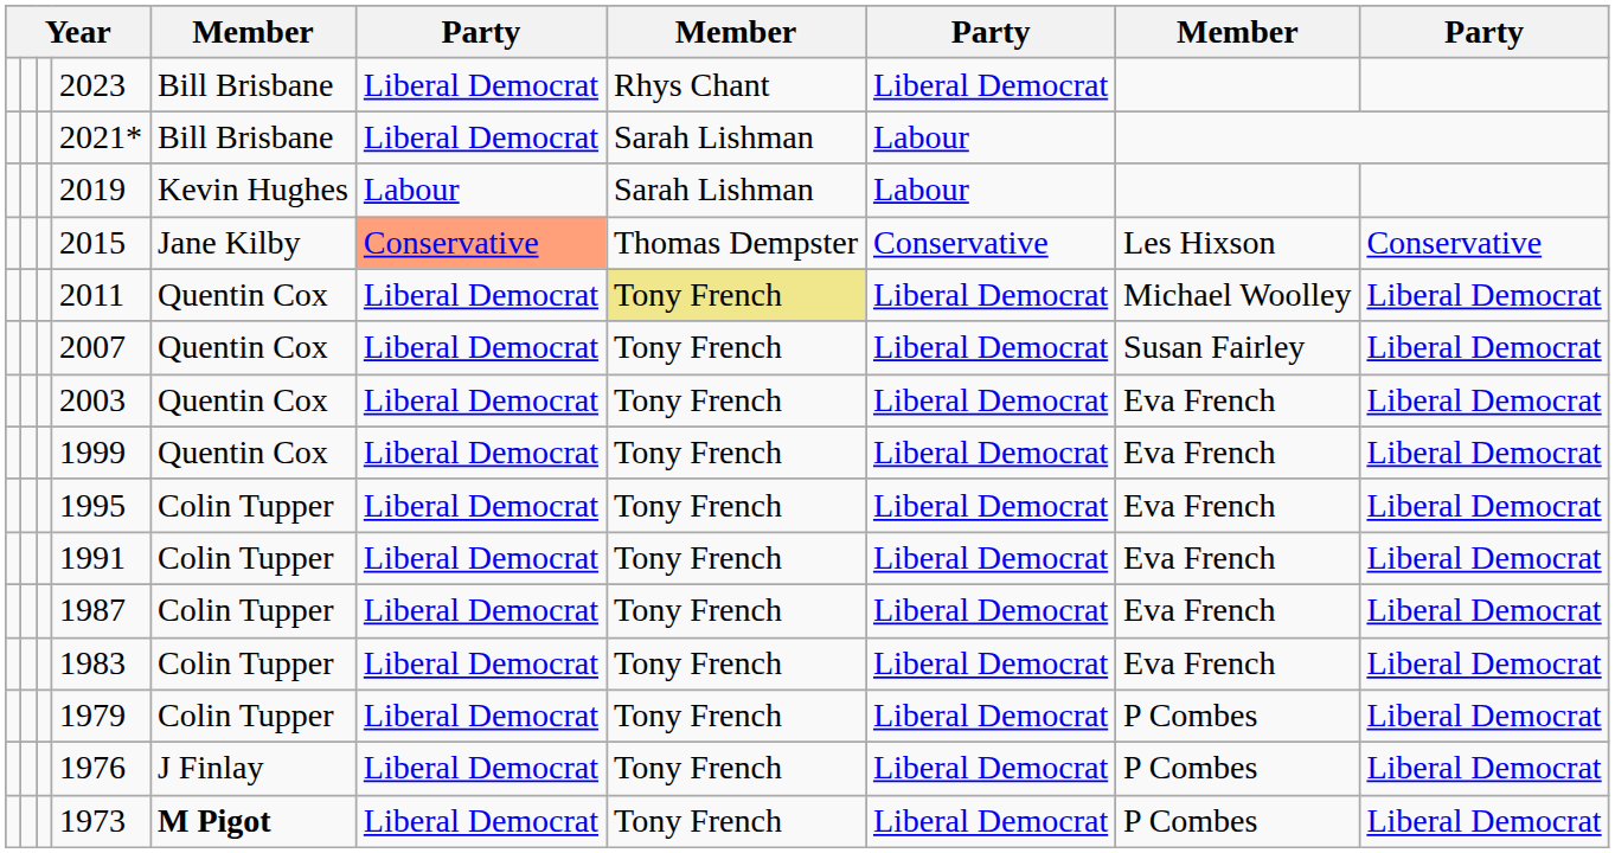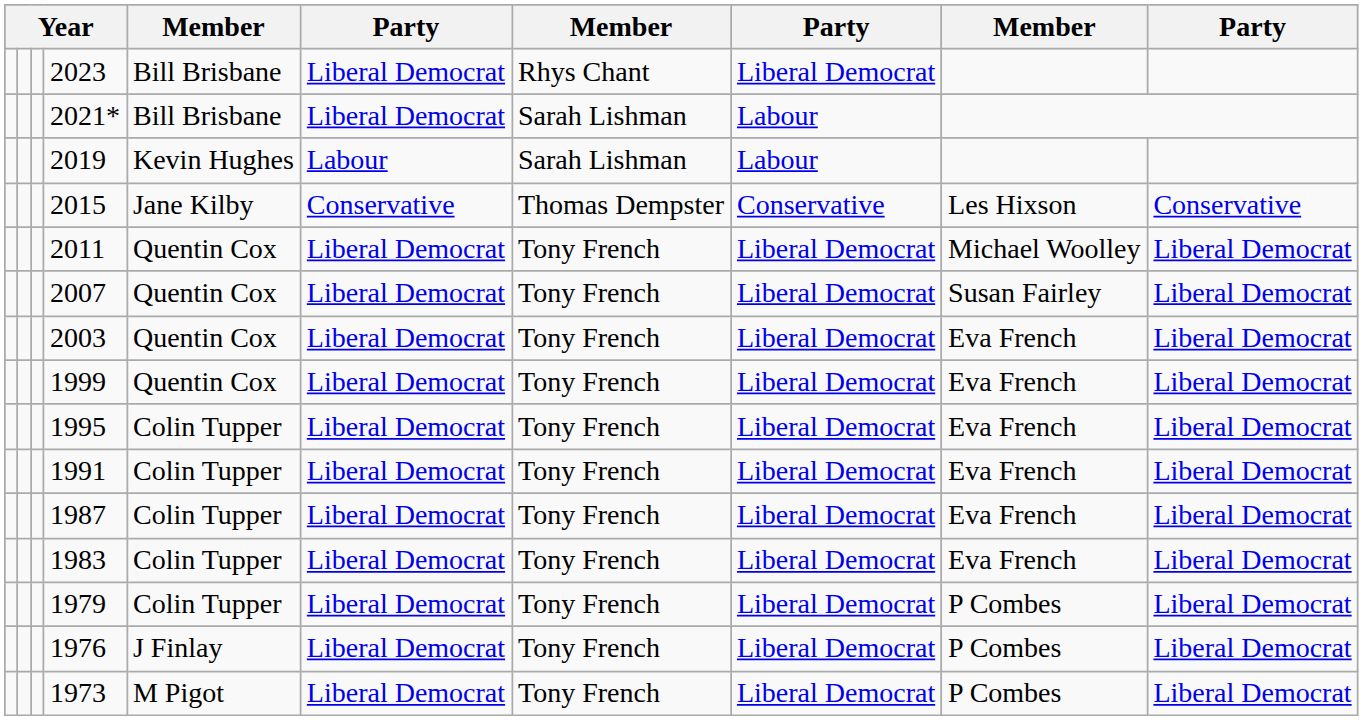 <table class="wikitable">
 <tr>
 <th colspan="4">Year</th>
 <th>Member</th>
 <th>Party</th>
 <th>Member</th>
 <th>Party</th>
 <th>Member</th>
 <th>Party</th>
 </tr>
 <tr>
 <td></td>
 <td></td>
 <td></td>
 <td>2023</td>
 <td>Bill Brisbane</td>
 <td><a href='#'>Liberal Democrat</a></td>
 <td>Rhys Chant</td>
 <td><a href='#'>Liberal Democrat</a></td>
 <td></td>
 <td></td>
 </tr>
 <tr>
 <td></td>
 <td></td>
 <td></td>
 <td>2021*</td>
 <td>Bill Brisbane</td>
 <td><a href='#'>Liberal Democrat</a></td>
 <td>Sarah Lishman</td>
 <td><a href='#'>Labour</a></td>
 </tr>
 <tr>
 <td style="background-color: "></td>
 <td style="background-color: "></td>
 <td></td>
 <td>2019</td>
 <td>Kevin Hughes</td>
 <td><a href='#'>Labour</a></td>
 <td>Sarah Lishman</td>
 <td><a href='#'>Labour</a></td>
 <td></td>
 <td></td>
 </tr>
 <tr>
 <td style="background-color: "></td>
 <td style="background-color: "></td>
 <td style="background-color: "></td>
 <td>2015</td>
 <td>Jane Kilby</td>
-<td style="background: lightsalmon;"><a href='#'>Conservative</a></td>
+<td><a href='#'>Conservative</a></td>
 <td>Thomas Dempster</td>
 <td><a href='#'>Conservative</a></td>
 <td>Les Hixson</td>
 <td><a href='#'>Conservative</a></td>
 </tr>
 <tr>
 <td style="background-color: "></td>
 <td style="background-color: "></td>
 <td style="background-color: "></td>
 <td>2011</td>
 <td>Quentin Cox</td>
 <td><a href='#'>Liberal Democrat</a></td>
-<td style="background: khaki;">Tony French</td>
+<td>Tony French</td>
 <td><a href='#'>Liberal Democrat</a></td>
 <td>Michael Woolley</td>
 <td><a href='#'>Liberal Democrat</a></td>
 </tr>
 <tr>
 <td style="background-color: "></td>
 <td style="background-color: "></td>
 <td style="background-color: "></td>
 <td>2007</td>
 <td>Quentin Cox</td>
 <td><a href='#'>Liberal Democrat</a></td>
 <td>Tony French</td>
 <td><a href='#'>Liberal Democrat</a></td>
 <td>Susan Fairley</td>
 <td><a href='#'>Liberal Democrat</a></td>
 </tr>
 <tr>
 <td style="background-color: "></td>
 <td style="background-color: "></td>
 <td style="background-color: "></td>
 <td>2003</td>
 <td>Quentin Cox</td>
 <td><a href='#'>Liberal Democrat</a></td>
 <td>Tony French</td>
 <td><a href='#'>Liberal Democrat</a></td>
 <td>Eva French</td>
 <td><a href='#'>Liberal Democrat</a></td>
 </tr>
 <tr>
 <td style="background-color: "></td>
 <td style="background-color: "></td>
 <td style="background-color: "></td>
 <td>1999</td>
 <td>Quentin Cox</td>
 <td><a href='#'>Liberal Democrat</a></td>
 <td>Tony French</td>
 <td><a href='#'>Liberal Democrat</a></td>
 <td>Eva French</td>
 <td><a href='#'>Liberal Democrat</a></td>
 </tr>
 <tr>
 <td style="background-color: "></td>
 <td style="background-color: "></td>
 <td style="background-color: "></td>
 <td>1995</td>
 <td>Colin Tupper</td>
 <td><a href='#'>Liberal Democrat</a></td>
 <td>Tony French</td>
 <td><a href='#'>Liberal Democrat</a></td>
 <td>Eva French</td>
 <td><a href='#'>Liberal Democrat</a></td>
 </tr>
 <tr>
 <td style="background-color: "></td>
 <td style="background-color: "></td>
 <td style="background-color: "></td>
 <td>1991</td>
 <td>Colin Tupper</td>
 <td><a href='#'>Liberal Democrat</a></td>
 <td>Tony French</td>
 <td><a href='#'>Liberal Democrat</a></td>
 <td>Eva French</td>
 <td><a href='#'>Liberal Democrat</a></td>
 </tr>
 <tr>
 <td style="background-color: "></td>
 <td style="background-color: "></td>
 <td style="background-color: "></td>
 <td>1987</td>
 <td>Colin Tupper</td>
 <td><a href='#'>Liberal Democrat</a></td>
 <td>Tony French</td>
 <td><a href='#'>Liberal Democrat</a></td>
 <td>Eva French</td>
 <td><a href='#'>Liberal Democrat</a></td>
 </tr>
 <tr>
 <td style="background-color: "></td>
 <td style="background-color: "></td>
 <td style="background-color: "></td>
 <td>1983</td>
 <td>Colin Tupper</td>
 <td><a href='#'>Liberal Democrat</a></td>
 <td>Tony French</td>
 <td><a href='#'>Liberal Democrat</a></td>
 <td>Eva French</td>
 <td><a href='#'>Liberal Democrat</a></td>
 </tr>
 <tr>
 <td style="background-color: "></td>
 <td style="background-color: "></td>
 <td style="background-color: "></td>
 <td>1979</td>
 <td>Colin Tupper</td>
 <td><a href='#'>Liberal Democrat</a></td>
 <td>Tony French</td>
 <td><a href='#'>Liberal Democrat</a></td>
 <td>P Combes</td>
 <td><a href='#'>Liberal Democrat</a></td>
 </tr>
 <tr>
 <td style="background-color: "></td>
 <td style="background-color: "></td>
 <td style="background-color: "></td>
 <td>1976</td>
 <td>J Finlay</td>
 <td><a href='#'>Liberal Democrat</a></td>
 <td>Tony French</td>
 <td><a href='#'>Liberal Democrat</a></td>
 <td>P Combes</td>
 <td><a href='#'>Liberal Democrat</a></td>
 </tr>
 <tr>
 <td style="background-color: "></td>
 <td style="background-color: "></td>
 <td style="background-color: "></td>
 <td>1973</td>
-<td><strong>M Pigot</strong></td>
+<td>M Pigot</td>
 <td><a href='#'>Liberal Democrat</a></td>
 <td>Tony French</td>
 <td><a href='#'>Liberal Democrat</a></td>
 <td>P Combes</td>
 <td><a href='#'>Liberal Democrat</a></td>
 </tr>
 </table>
